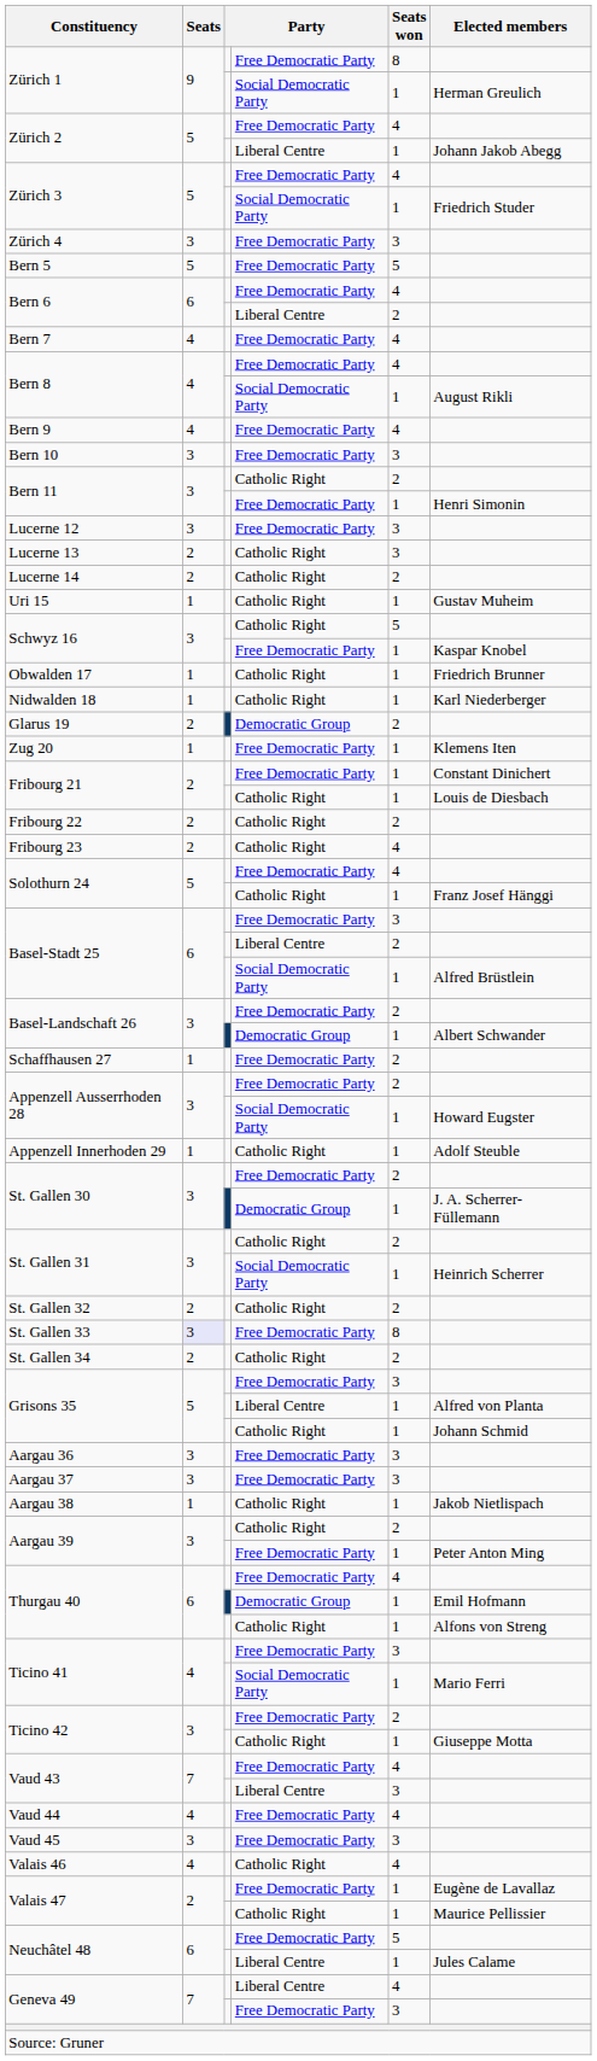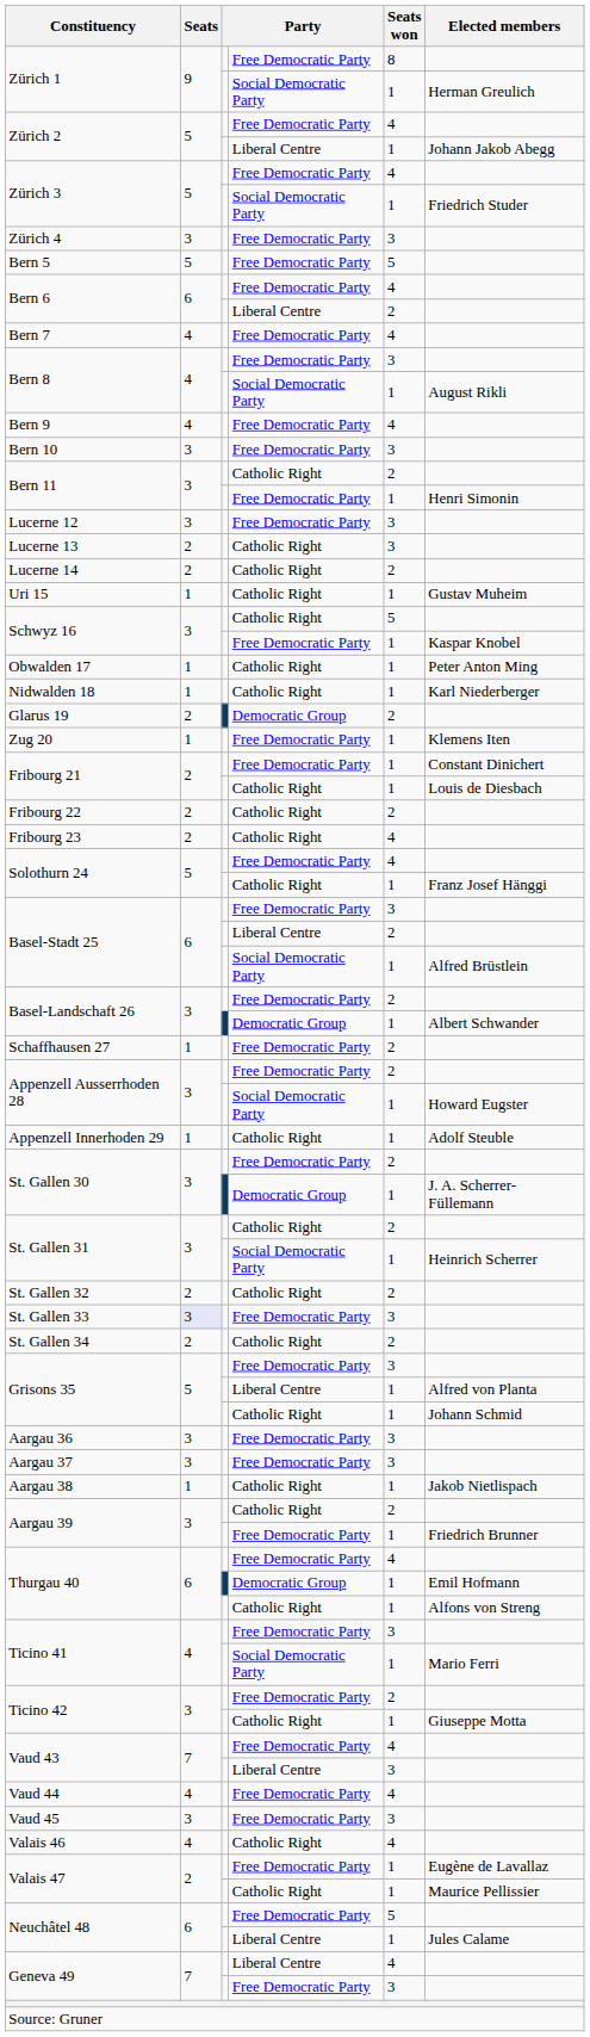 <table class="wikitable">
 <tr>
 <th>Constituency</th>
 <th>Seats</th>
 <th colspan="2">Party</th>
 <th>Seats<br>won</th>
 <th>Elected members</th>
 </tr>
 <tr>
 <td rowspan="2">Zürich 1</td>
 <td rowspan="2">9</td>
 <td style="color:inherit;background:"></td>
 <td><a href='#'>Free Democratic Party</a></td>
 <td>8</td>
 <td></td>
 </tr>
 <tr>
 <td style="color:inherit;background:"></td>
 <td><a href='#'>Social Democratic Party</a></td>
 <td>1</td>
 <td>Herman Greulich</td>
 </tr>
 <tr>
 <td rowspan="2">Zürich 2</td>
 <td rowspan="2">5</td>
 <td style="color:inherit;background:"></td>
 <td><a href='#'>Free Democratic Party</a></td>
 <td>4</td>
 <td></td>
 </tr>
 <tr>
 <td style="color:inherit;background:"></td>
 <td>Liberal Centre</td>
 <td>1</td>
 <td>Johann Jakob Abegg</td>
 </tr>
 <tr>
 <td rowspan="2">Zürich 3</td>
 <td rowspan="2">5</td>
 <td style="color:inherit;background:"></td>
 <td><a href='#'>Free Democratic Party</a></td>
 <td>4</td>
 <td></td>
 </tr>
 <tr>
 <td style="color:inherit;background:"></td>
 <td><a href='#'>Social Democratic Party</a></td>
 <td>1</td>
 <td>Friedrich Studer</td>
 </tr>
 <tr>
 <td>Zürich 4</td>
 <td>3</td>
 <td style="color:inherit;background:"></td>
 <td><a href='#'>Free Democratic Party</a></td>
 <td>3</td>
 <td></td>
 </tr>
 <tr>
 <td>Bern 5</td>
 <td>5</td>
 <td style="color:inherit;background:"></td>
 <td><a href='#'>Free Democratic Party</a></td>
 <td>5</td>
 <td></td>
 </tr>
 <tr>
 <td rowspan="2">Bern 6</td>
 <td rowspan="2">6</td>
 <td style="color:inherit;background:"></td>
 <td><a href='#'>Free Democratic Party</a></td>
 <td>4</td>
 <td></td>
 </tr>
 <tr>
 <td style="color:inherit;background:"></td>
 <td>Liberal Centre</td>
 <td>2</td>
 <td></td>
 </tr>
 <tr>
 <td>Bern 7</td>
 <td>4</td>
 <td style="color:inherit;background:"></td>
 <td><a href='#'>Free Democratic Party</a></td>
 <td>4</td>
 <td></td>
 </tr>
 <tr>
 <td rowspan="2">Bern 8</td>
 <td rowspan="2">4</td>
 <td style="color:inherit;background:"></td>
 <td><a href='#'>Free Democratic Party</a></td>
-<td>4</td>
+<td>3</td>
 <td></td>
 </tr>
 <tr>
 <td style="color:inherit;background:"></td>
 <td><a href='#'>Social Democratic Party</a></td>
 <td>1</td>
 <td>August Rikli</td>
 </tr>
 <tr>
 <td>Bern 9</td>
 <td>4</td>
 <td style="color:inherit;background:"></td>
 <td><a href='#'>Free Democratic Party</a></td>
 <td>4</td>
 <td></td>
 </tr>
 <tr>
 <td>Bern 10</td>
 <td>3</td>
 <td style="color:inherit;background:"></td>
 <td><a href='#'>Free Democratic Party</a></td>
 <td>3</td>
 <td></td>
 </tr>
 <tr>
 <td rowspan="2">Bern 11</td>
 <td rowspan="2">3</td>
 <td style="color:inherit;background:"></td>
 <td>Catholic Right</td>
 <td>2</td>
 <td></td>
 </tr>
 <tr>
 <td style="color:inherit;background:"></td>
 <td><a href='#'>Free Democratic Party</a></td>
 <td>1</td>
 <td>Henri Simonin</td>
 </tr>
 <tr>
 <td>Lucerne 12</td>
 <td>3</td>
 <td style="color:inherit;background:"></td>
 <td><a href='#'>Free Democratic Party</a></td>
 <td>3</td>
 <td></td>
 </tr>
 <tr>
 <td>Lucerne 13</td>
 <td>2</td>
 <td style="color:inherit;background:"></td>
 <td>Catholic Right</td>
 <td>3</td>
 <td></td>
 </tr>
 <tr>
 <td>Lucerne 14</td>
 <td>2</td>
 <td style="color:inherit;background:"></td>
 <td>Catholic Right</td>
 <td>2</td>
 <td></td>
 </tr>
 <tr>
 <td>Uri 15</td>
 <td>1</td>
 <td style="color:inherit;background:"></td>
 <td>Catholic Right</td>
 <td>1</td>
 <td>Gustav Muheim</td>
 </tr>
 <tr>
 <td rowspan="2">Schwyz 16</td>
 <td rowspan="2">3</td>
 <td style="color:inherit;background:"></td>
 <td>Catholic Right</td>
 <td>5</td>
 <td></td>
 </tr>
 <tr>
 <td style="color:inherit;background:"></td>
 <td><a href='#'>Free Democratic Party</a></td>
 <td>1</td>
 <td>Kaspar Knobel</td>
 </tr>
 <tr>
 <td>Obwalden 17</td>
 <td>1</td>
 <td style="color:inherit;background:"></td>
 <td>Catholic Right</td>
 <td>1</td>
-<td>Friedrich Brunner</td>
+<td>Peter Anton Ming</td>
 </tr>
 <tr>
 <td>Nidwalden 18</td>
 <td>1</td>
 <td style="color:inherit;background:"></td>
 <td>Catholic Right</td>
 <td>1</td>
 <td>Karl Niederberger</td>
 </tr>
 <tr>
 <td>Glarus 19</td>
 <td>2</td>
 <td style="color:inherit;background:#0B3861"></td>
 <td><a href='#'>Democratic Group</a></td>
 <td>2</td>
 <td></td>
 </tr>
 <tr>
 <td>Zug 20</td>
 <td>1</td>
 <td style="color:inherit;background:"></td>
 <td><a href='#'>Free Democratic Party</a></td>
 <td>1</td>
 <td>Klemens Iten</td>
 </tr>
 <tr>
 <td rowspan="2">Fribourg 21</td>
 <td rowspan="2">2</td>
 <td style="color:inherit;background:"></td>
 <td><a href='#'>Free Democratic Party</a></td>
 <td>1</td>
 <td>Constant Dinichert</td>
 </tr>
 <tr>
 <td style="color:inherit;background:"></td>
 <td>Catholic Right</td>
 <td>1</td>
 <td>Louis de Diesbach</td>
 </tr>
 <tr>
 <td>Fribourg 22</td>
 <td>2</td>
 <td style="color:inherit;background:"></td>
 <td>Catholic Right</td>
 <td>2</td>
 <td></td>
 </tr>
 <tr>
 <td>Fribourg 23</td>
 <td>2</td>
 <td style="color:inherit;background:"></td>
 <td>Catholic Right</td>
 <td>4</td>
 <td></td>
 </tr>
 <tr>
 <td rowspan="2">Solothurn 24</td>
 <td rowspan="2">5</td>
 <td style="color:inherit;background:"></td>
 <td><a href='#'>Free Democratic Party</a></td>
 <td>4</td>
 <td></td>
 </tr>
 <tr>
 <td style="color:inherit;background:"></td>
 <td>Catholic Right</td>
 <td>1</td>
 <td>Franz Josef Hänggi</td>
 </tr>
 <tr>
 <td rowspan="3">Basel-Stadt 25</td>
 <td rowspan="3">6</td>
 <td style="color:inherit;background:"></td>
 <td><a href='#'>Free Democratic Party</a></td>
 <td>3</td>
 <td></td>
 </tr>
 <tr>
 <td style="color:inherit;background:"></td>
 <td>Liberal Centre</td>
 <td>2</td>
 <td></td>
 </tr>
 <tr>
 <td style="color:inherit;background:"></td>
 <td><a href='#'>Social Democratic Party</a></td>
 <td>1</td>
 <td>Alfred Brüstlein</td>
 </tr>
 <tr>
 <td rowspan="2">Basel-Landschaft 26</td>
 <td rowspan="2">3</td>
 <td style="color:inherit;background:"></td>
 <td><a href='#'>Free Democratic Party</a></td>
 <td>2</td>
 <td></td>
 </tr>
 <tr>
 <td style="color:inherit;background:#0B3861"></td>
 <td><a href='#'>Democratic Group</a></td>
 <td>1</td>
 <td>Albert Schwander</td>
 </tr>
 <tr>
 <td>Schaffhausen 27</td>
 <td>1</td>
 <td style="color:inherit;background:"></td>
 <td><a href='#'>Free Democratic Party</a></td>
 <td>2</td>
 <td></td>
 </tr>
 <tr>
 <td rowspan="2">Appenzell Ausserrhoden 28</td>
 <td rowspan="2">3</td>
 <td style="color:inherit;background:"></td>
 <td><a href='#'>Free Democratic Party</a></td>
 <td>2</td>
 <td></td>
 </tr>
 <tr>
 <td style="color:inherit;background:"></td>
 <td><a href='#'>Social Democratic Party</a></td>
 <td>1</td>
 <td>Howard Eugster</td>
 </tr>
 <tr>
 <td>Appenzell Innerhoden 29</td>
 <td>1</td>
 <td style="color:inherit;background:"></td>
 <td>Catholic Right</td>
 <td>1</td>
 <td>Adolf Steuble</td>
 </tr>
 <tr>
 <td rowspan="2">St. Gallen 30</td>
 <td rowspan="2">3</td>
 <td style="color:inherit;background:"></td>
 <td><a href='#'>Free Democratic Party</a></td>
 <td>2</td>
 <td></td>
 </tr>
 <tr>
 <td style="color:inherit;background:#0B3861"></td>
 <td><a href='#'>Democratic Group</a></td>
 <td>1</td>
 <td>J. A. Scherrer-Füllemann</td>
 </tr>
 <tr>
 <td rowspan="2">St. Gallen 31</td>
 <td rowspan="2">3</td>
 <td style="color:inherit;background:"></td>
 <td>Catholic Right</td>
 <td>2</td>
 <td></td>
 </tr>
 <tr>
 <td style="color:inherit;background:"></td>
 <td><a href='#'>Social Democratic Party</a></td>
 <td>1</td>
 <td>Heinrich Scherrer</td>
 </tr>
 <tr>
 <td>St. Gallen 32</td>
 <td>2</td>
 <td style="color:inherit;background:"></td>
 <td>Catholic Right</td>
 <td>2</td>
 <td></td>
 </tr>
 <tr>
 <td>St. Gallen 33</td>
 <td style="background: lavender;">3</td>
 <td style="color:inherit;background:"></td>
 <td><a href='#'>Free Democratic Party</a></td>
-<td>8</td>
+<td>3</td>
 <td></td>
 </tr>
 <tr>
 <td>St. Gallen 34</td>
 <td>2</td>
 <td style="color:inherit;background:"></td>
 <td>Catholic Right</td>
 <td>2</td>
 <td></td>
 </tr>
 <tr>
 <td rowspan="3">Grisons 35</td>
 <td rowspan="3">5</td>
 <td style="color:inherit;background:"></td>
 <td><a href='#'>Free Democratic Party</a></td>
 <td>3</td>
 <td></td>
 </tr>
 <tr>
 <td style="color:inherit;background:"></td>
 <td>Liberal Centre</td>
 <td>1</td>
 <td>Alfred von Planta</td>
 </tr>
 <tr>
 <td style="color:inherit;background:"></td>
 <td>Catholic Right</td>
 <td>1</td>
 <td>Johann Schmid</td>
 </tr>
 <tr>
 <td>Aargau 36</td>
 <td>3</td>
 <td style="color:inherit;background:"></td>
 <td><a href='#'>Free Democratic Party</a></td>
 <td>3</td>
 <td></td>
 </tr>
 <tr>
 <td>Aargau 37</td>
 <td>3</td>
 <td style="color:inherit;background:"></td>
 <td><a href='#'>Free Democratic Party</a></td>
 <td>3</td>
 <td></td>
 </tr>
 <tr>
 <td>Aargau 38</td>
 <td>1</td>
 <td style="color:inherit;background:"></td>
 <td>Catholic Right</td>
 <td>1</td>
 <td>Jakob Nietlispach</td>
 </tr>
 <tr>
 <td rowspan="2">Aargau 39</td>
 <td rowspan="2">3</td>
 <td style="color:inherit;background:"></td>
 <td>Catholic Right</td>
 <td>2</td>
 <td></td>
 </tr>
 <tr>
 <td style="color:inherit;background:"></td>
 <td><a href='#'>Free Democratic Party</a></td>
 <td>1</td>
-<td>Peter Anton Ming</td>
+<td>Friedrich Brunner</td>
 </tr>
 <tr>
 <td rowspan="3">Thurgau 40</td>
 <td rowspan="3">6</td>
 <td style="color:inherit;background:"></td>
 <td><a href='#'>Free Democratic Party</a></td>
 <td>4</td>
 <td></td>
 </tr>
 <tr>
 <td style="color:inherit;background:#0B3861"></td>
 <td><a href='#'>Democratic Group</a></td>
 <td>1</td>
 <td>Emil Hofmann</td>
 </tr>
 <tr>
 <td style="color:inherit;background:"></td>
 <td>Catholic Right</td>
 <td>1</td>
 <td>Alfons von Streng</td>
 </tr>
 <tr>
 <td rowspan="2">Ticino 41</td>
 <td rowspan="2">4</td>
 <td style="color:inherit;background:"></td>
 <td><a href='#'>Free Democratic Party</a></td>
 <td>3</td>
 <td></td>
 </tr>
 <tr>
 <td style="color:inherit;background:"></td>
 <td><a href='#'>Social Democratic Party</a></td>
 <td>1</td>
 <td>Mario Ferri</td>
 </tr>
 <tr>
 <td rowspan="2">Ticino 42</td>
 <td rowspan="2">3</td>
 <td style="color:inherit;background:"></td>
 <td><a href='#'>Free Democratic Party</a></td>
 <td>2</td>
 <td></td>
 </tr>
 <tr>
 <td style="color:inherit;background:"></td>
 <td>Catholic Right</td>
 <td>1</td>
 <td>Giuseppe Motta</td>
 </tr>
 <tr>
 <td rowspan="2">Vaud 43</td>
 <td rowspan="2">7</td>
 <td style="color:inherit;background:"></td>
 <td><a href='#'>Free Democratic Party</a></td>
 <td>4</td>
 <td></td>
 </tr>
 <tr>
 <td style="color:inherit;background:"></td>
 <td>Liberal Centre</td>
 <td>3</td>
 <td></td>
 </tr>
 <tr>
 <td>Vaud 44</td>
 <td>4</td>
 <td style="color:inherit;background:"></td>
 <td><a href='#'>Free Democratic Party</a></td>
 <td>4</td>
 <td></td>
 </tr>
 <tr>
 <td>Vaud 45</td>
 <td>3</td>
 <td style="color:inherit;background:"></td>
 <td><a href='#'>Free Democratic Party</a></td>
 <td>3</td>
 <td></td>
 </tr>
 <tr>
 <td>Valais 46</td>
 <td>4</td>
 <td style="color:inherit;background:"></td>
 <td>Catholic Right</td>
 <td>4</td>
 <td></td>
 </tr>
 <tr>
 <td rowspan="2">Valais 47</td>
 <td rowspan="2">2</td>
 <td style="color:inherit;background:"></td>
 <td><a href='#'>Free Democratic Party</a></td>
 <td>1</td>
 <td>Eugène de Lavallaz</td>
 </tr>
 <tr>
 <td style="color:inherit;background:"></td>
 <td>Catholic Right</td>
 <td>1</td>
 <td>Maurice Pellissier</td>
 </tr>
 <tr>
 <td rowspan="2">Neuchâtel 48</td>
 <td rowspan="2">6</td>
 <td style="color:inherit;background:"></td>
 <td><a href='#'>Free Democratic Party</a></td>
 <td>5</td>
 <td></td>
 </tr>
 <tr>
 <td style="color:inherit;background:"></td>
 <td>Liberal Centre</td>
 <td>1</td>
 <td>Jules Calame</td>
 </tr>
 <tr>
 <td rowspan="2">Geneva 49</td>
 <td rowspan="2">7</td>
 <td style="color:inherit;background:"></td>
 <td>Liberal Centre</td>
 <td>4</td>
 <td></td>
 </tr>
 <tr>
 <td style="color:inherit;background:"></td>
 <td><a href='#'>Free Democratic Party</a></td>
 <td>3</td>
 <td></td>
 </tr>
 <tr>
 <th colspan="6"></th>
 </tr>
 <tr>
 <td colspan="6">Source: Gruner</td>
 </tr>
 </table>
